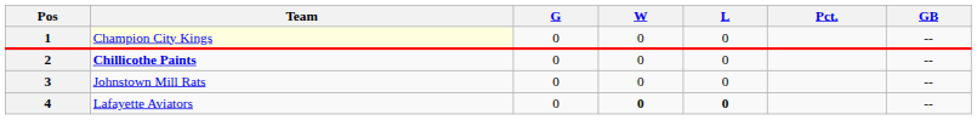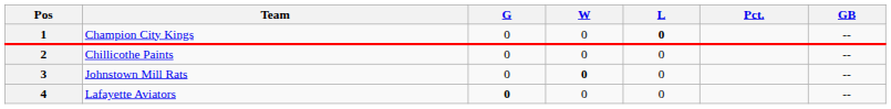 <table class="wikitable plainrowheaders" width="90%" style="text-align:center;">
 <tr>
 <th scope="col" width="5%">Pos</th>
 <th scope="col" width="25%">Team</th>
 <th scope="col" width="5%"><a href='#'>G</a></th>
 <th scope="col" width="5%"><a href='#'>W</a></th>
 <th scope="col" width="5%"><a href='#'>L</a></th>
 <th scope="col" width="7%"><a href='#'>Pct.</a></th>
 <th scope="col" width="5%"><a href='#'>GB</a></th>
 </tr>
 <tr>
 <th>1</th>
-<td style="background: lightyellow; text-align:left;"><a href='#'>Champion City Kings</a></td>
+<td style="text-align:left;"><a href='#'>Champion City Kings</a></td>
 <td>0</td>
 <td>0</td>
-<td>0</td>
+<td><strong>0</strong></td>
 <td></td>
 <td>--</td>
 </tr>
 <tr>
 </tr>
 <tr |- style="border-top:3px solid red;">
 <th>2</th>
-<td style="text-align:left;"><strong><a href='#'>Chillicothe Paints</a></strong></td>
+<td style="text-align:left;"><a href='#'>Chillicothe Paints</a></td>
 <td>0</td>
 <td>0</td>
 <td>0</td>
 <td></td>
 <td>--</td>
 </tr>
 <tr>
 <th>3</th>
 <td style="text-align:left;"><a href='#'>Johnstown Mill Rats</a></td>
 <td>0</td>
-<td>0</td>
+<td><strong>0</strong></td>
 <td>0</td>
 <td></td>
 <td>--</td>
 </tr>
 <tr>
 <th>4</th>
 <td style="text-align:left;"><a href='#'>Lafayette Aviators</a></td>
+<td><strong>0</strong></td>
 <td>0</td>
-<td><strong>0</strong></td>
-<td><strong>0</strong></td>
+<td>0</td>
 <td></td>
 <td>--</td>
 </tr>
 </table>
